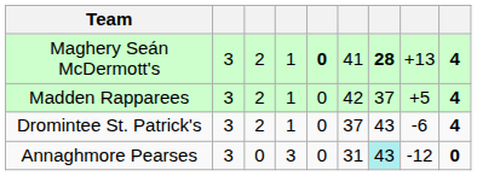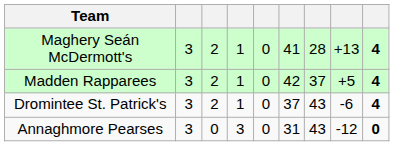 <table class="wikitable" style="text-align:center">
 <tr>
 <th style="width:175px;">Team</th>
 <th width="20"></th>
 <th width="20"></th>
 <th width="20"></th>
 <th width="20"></th>
 <th width="20"></th>
 <th width="20"></th>
 <th width="20"></th>
 <th width="20"></th>
 </tr>
 <tr style="background:#cfc;">
 <td>Maghery Seán McDermott's</td>
 <td>3</td>
 <td>2</td>
 <td>1</td>
-<td><strong>0</strong></td>
+<td>0</td>
 <td>41</td>
-<td><strong>28</strong></td>
+<td>28</td>
 <td>+13</td>
 <td><strong>4</strong></td>
 </tr>
 <tr style="background:#cfc;">
 <td>Madden Rapparees</td>
 <td>3</td>
 <td>2</td>
 <td>1</td>
 <td>0</td>
 <td>42</td>
 <td>37</td>
 <td>+5</td>
 <td><strong>4</strong></td>
 </tr>
 <tr>
 <td>Dromintee St. Patrick's</td>
 <td>3</td>
 <td>2</td>
 <td>1</td>
 <td>0</td>
 <td>37</td>
 <td>43</td>
 <td>-6</td>
 <td><strong>4</strong></td>
 </tr>
 <tr>
 <td>Annaghmore Pearses</td>
 <td>3</td>
 <td>0</td>
 <td>3</td>
 <td>0</td>
 <td>31</td>
-<td style="background: paleturquoise;">43</td>
+<td>43</td>
 <td>-12</td>
 <td><strong>0</strong></td>
 </tr>
 </table>
